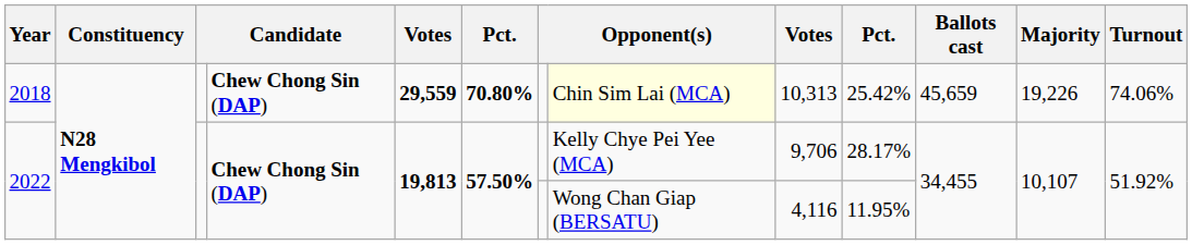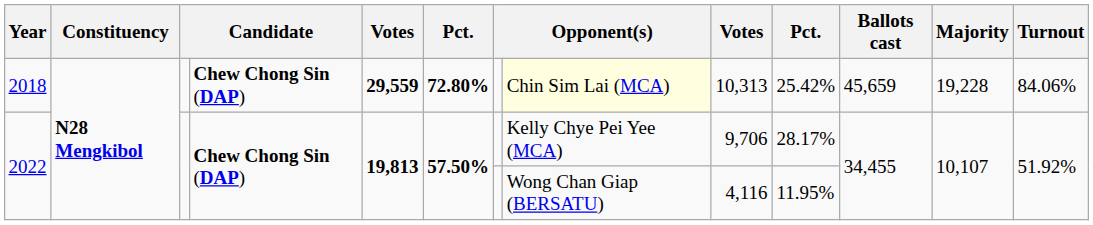 <table class="wikitable" style="margin:0.5em ; font-size:95%">
 <tr>
 <th>Year</th>
 <th>Constituency</th>
 <th colspan="2">Candidate</th>
 <th>Votes</th>
 <th>Pct.</th>
 <th colspan="2">Opponent(s)</th>
 <th>Votes</th>
 <th>Pct.</th>
 <th>Ballots cast</th>
 <th>Majority</th>
 <th>Turnout</th>
 </tr>
 <tr>
 <td><a href='#'>2018</a></td>
 <td rowspan="3"><strong>N28 <a href='#'>Mengkibol</a></strong></td>
 <td></td>
 <td><strong>Chew Chong Sin</strong> (<a href='#'><strong>DAP</strong></a>)</td>
 <td align=right><strong>29,559</strong></td>
-<td><strong>70.80%</strong></td>
+<td><strong>72.80%</strong></td>
 <td></td>
 <td style="background: lightyellow;">Chin Sim Lai (<a href='#'>MCA</a>)</td>
 <td align=right>10,313</td>
 <td>25.42%</td>
 <td>45,659</td>
-<td>19,226</td>
-<td>74.06%</td>
+<td>19,228</td>
+<td>84.06%</td>
 </tr>
 <tr>
 <td rowspan="2"><a href='#'>2022</a></td>
 <td rowspan="2" ></td>
 <td rowspan="2"><strong>Chew Chong Sin</strong> (<a href='#'><strong>DAP</strong></a>)</td>
 <td rowspan="2" align=right><strong>19,813</strong></td>
 <td rowspan="2"><strong>57.50%</strong></td>
 <td></td>
 <td>Kelly Chye Pei Yee (<a href='#'>MCA</a>)</td>
 <td align=right>9,706</td>
 <td>28.17%</td>
 <td rowspan="2">34,455</td>
 <td rowspan="2">10,107</td>
 <td rowspan="2">51.92%</td>
 </tr>
 <tr>
 <td></td>
 <td>Wong Chan Giap (<a href='#'>BERSATU</a>)</td>
 <td align=right>4,116</td>
 <td>11.95%</td>
 </tr>
 </table>
